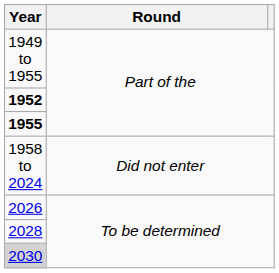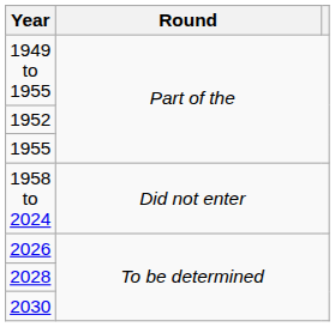 <table class="wikitable" style="text-align: center; font-size:90%">
 <tr>
 <th>Year</th>
 <th style="width:200px">Round</th>
 <th></th>
 </tr>
 <tr>
 <td>1949<br>to<br>1955</td>
 <td colspan="2" rowspan="3"><em>Part of the </em></td>
 </tr>
 <tr>
-<td><strong>1952</strong></td>
+<td>1952</td>
 </tr>
 <tr>
-<td><strong>1955</strong></td>
+<td>1955</td>
 </tr>
 <tr>
 <td>1958<br>to<br><a href='#'>2024</a></td>
 <td colspan="2"><em>Did not enter</em></td>
 </tr>
 <tr>
 <td><a href='#'>2026</a></td>
 <td colspan="2" rowspan="3"><em>To be determined</em></td>
 </tr>
 <tr>
 <td><a href='#'>2028</a></td>
 </tr>
 <tr>
-<td style="background: lightgrey;"><a href='#'>2030</a></td>
+<td><a href='#'>2030</a></td>
 </tr>
 </table>
